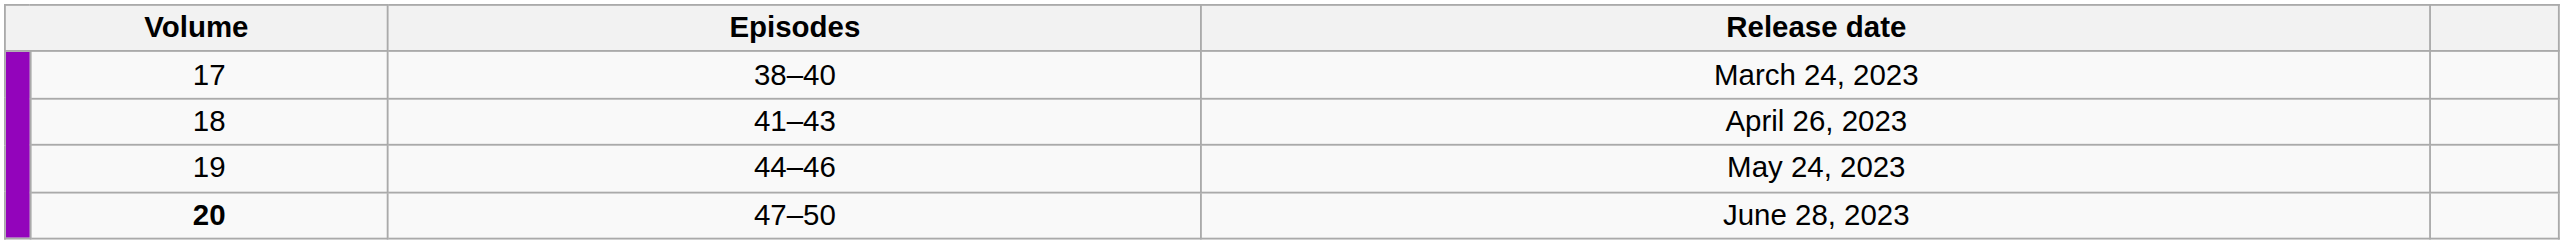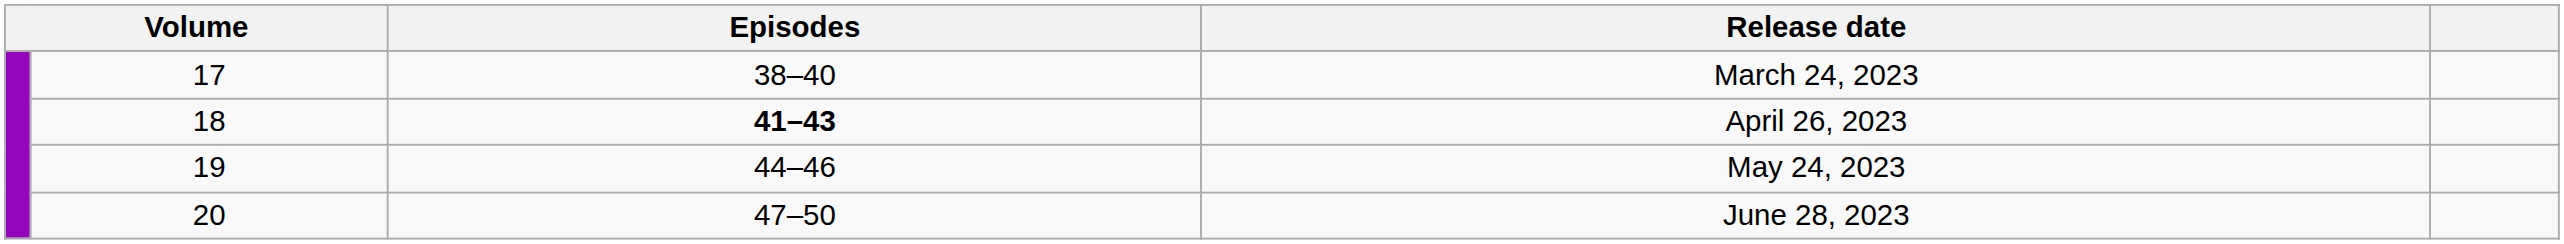 <table class="wikitable" style="text-align: center; width: 70%;">
 <tr>
 <th colspan="2" width="15%">Volume</th>
 <th>Episodes</th>
 <th>Release date</th>
 <th width="5%"></th>
 </tr>
 <tr>
 <td rowspan="4" width="1%" style="background: #9304BB"></td>
 <td>17</td>
 <td>38–40</td>
 <td>March 24, 2023</td>
 <td></td>
 </tr>
 <tr>
 <td>18</td>
-<td>41–43</td>
+<td><strong>41–43</strong></td>
 <td>April 26, 2023</td>
 <td></td>
 </tr>
 <tr>
 <td>19</td>
 <td>44–46</td>
 <td>May 24, 2023</td>
 <td></td>
 </tr>
 <tr>
-<td><strong>20</strong></td>
+<td>20</td>
 <td>47–50</td>
 <td>June 28, 2023</td>
 <td></td>
 </tr>
 </table>
